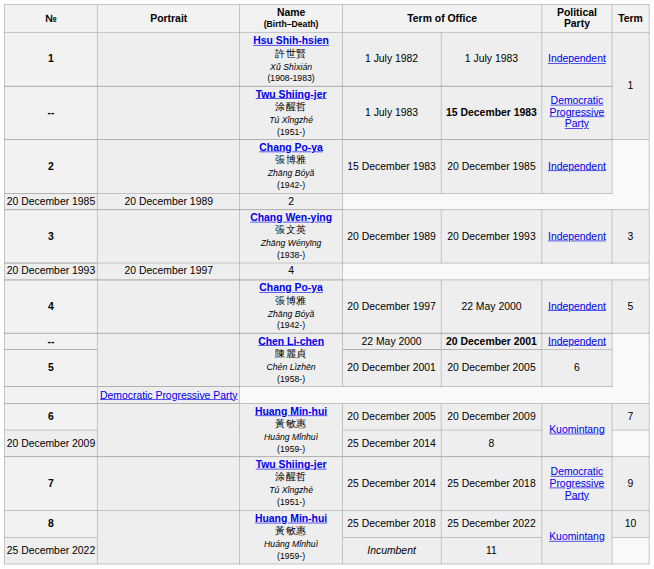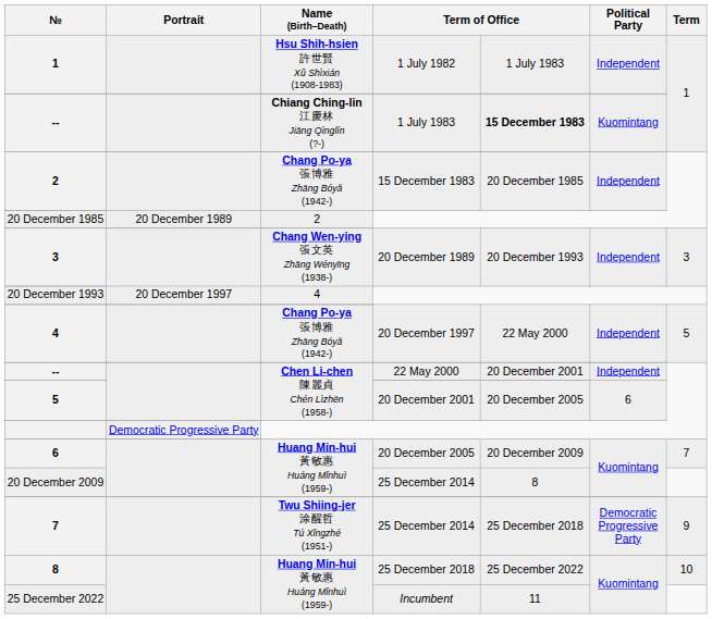 <table class="wikitable" style="text-align:center">
 <tr ->
 <th>№</th>
 <th>Portrait</th>
 <th width="150">Name<br><small>(Birth–Death)</small></th>
 <th colspan=2 width="300">Term of Office</th>
 <th width="100">Political Party</th>
 <th width = "50">Term</th>
 </tr>
 <tr - bgcolor=#EEEEEE>
 <th style="background:">1</th>
 <td></td>
 <td><strong><a href='#'>Hsu Shih-hsien</a></strong><br><span>許世賢</span><br><small><em>Xǔ Shìxián </em><br>(1908-1983)</small></td>
 <td>1 July 1982</td>
 <td>1 July 1983 </td>
 <td><a href='#'>Independent</a></td>
 <td rowspan=3>1</td>
 </tr>
 <tr ->
 </tr>
 <tr - bgcolor=#EEEEEE>
 <th style="background:">--</th>
 <td></td>
-<td><strong><a href='#'>Twu Shiing-jer</a></strong><br><span>涂醒哲</span><br><small><em>Tú Xǐngzhé </em><br>(1951-)</small></td>
+<td><strong>Chiang Ching-lin</strong><br><span>江慶林</span><br><small><em>Jiāng Qìnglín </em><br>(?-)</small></td>
 <td>1 July 1983</td>
 <td><strong>15 December 1983</strong></td>
-<td><a href='#'>Democratic Progressive Party</a></td>
+<td><a href='#'>Kuomintang</a></td>
 </tr>
 <tr>
 </tr>
 <tr - bgcolor=#EEEEEE>
 <th style="background:">2</th>
 <td rowspan=2></td>
 <td rowspan=2><strong><a href='#'>Chang Po-ya</a></strong><br><span>張博雅</span><br><small><em>Zhāng Bóyă </em><br>(1942-)</small></td>
 <td>15 December 1983</td>
 <td>20 December 1985</td>
 <td rowspan=2><a href='#'>Independent</a></td>
 </tr>
 <tr>
 </tr>
 <tr - bgcolor=#EEEEEE>
 <td>20 December 1985</td>
 <td>20 December 1989</td>
 <td>2</td>
 </tr>
 <tr>
 </tr>
 <tr - bgcolor=#EEEEEE>
 <th style="background:">3</th>
 <td rowspan=2></td>
 <td rowspan=2><strong><a href='#'>Chang Wen-ying</a></strong><br><span>張文英</span><br><small><em>Zhāng Wényīng </em><br>(1938-)</small></td>
 <td>20 December 1989</td>
 <td>20 December 1993</td>
 <td rowspan=2><a href='#'>Independent</a></td>
 <td>3</td>
 </tr>
 <tr ->
 </tr>
 <tr - bgcolor=#EEEEEE>
 <td>20 December 1993</td>
 <td>20 December 1997</td>
 <td>4</td>
 </tr>
 <tr ->
 </tr>
 <tr - bgcolor=#EEEEEE>
 <th style="background:">4</th>
 <td></td>
 <td><strong><a href='#'>Chang Po-ya</a></strong><br><span>張博雅</span><br><small><em>Zhāng Bóyă </em><br>(1942-)</small></td>
 <td>20 December 1997</td>
 <td>22 May 2000 </td>
 <td><a href='#'>Independent</a></td>
 <td rowspan=2>5</td>
 </tr>
 <tr ->
 </tr>
 <tr - bgcolor=#EEEEEE>
 <th style="background:">--</th>
 <td rowspan=3></td>
 <td rowspan=3><strong><a href='#'>Chen Li-chen</a></strong><br><span>陳麗貞</span><br><small><em>Chén Lìzhēn </em><br>(1958-)</small></td>
 <td>22 May 2000</td>
-<td><strong>20 December 2001</strong></td>
+<td>20 December 2001</td>
 <td rowspan=2><a href='#'>Independent</a></td>
 </tr>
 <tr ->
 </tr>
 <tr - bgcolor=#EEEEEE>
 <th style="background:">5</th>
 <td rowspan=2>20 December 2001</td>
 <td rowspan=2>20 December 2005 </td>
 <td rowspan=2>6</td>
 </tr>
 <tr ->
 </tr>
 <tr - bgcolor=#EEEEEE>
 <th style="background:"></th>
 <td><a href='#'>Democratic Progressive Party</a></td>
 </tr>
 <tr ->
 </tr>
 <tr - bgcolor=#EEEEEE>
 <th style="background:">6</th>
 <td rowspan=2></td>
 <td rowspan=2><strong><a href='#'>Huang Min-hui</a></strong><br><span>黃敏惠</span><br><small><em>Huáng Mǐnhuì </em><br>(1959-)</small></td>
 <td>20 December 2005</td>
 <td>20 December 2009</td>
 <td rowspan=2><a href='#'>Kuomintang</a></td>
 <td>7</td>
 </tr>
 <tr - bgcolor=#EEEEEE>
 <td>20 December 2009</td>
 <td>25 December 2014</td>
 <td>8</td>
 </tr>
 <tr ->
 </tr>
 <tr - bgcolor=#EEEEEE>
 <th style="background:">7</th>
 <td></td>
 <td><strong><a href='#'>Twu Shiing-jer</a></strong><br><span>涂醒哲</span><br><small><em>Tú Xǐngzhé </em><br>(1951-)</small></td>
 <td>25 December 2014</td>
 <td>25 December 2018 </td>
 <td><a href='#'>Democratic Progressive Party</a></td>
 <td>9</td>
 </tr>
 <tr - bgcolor=#EEEEEE>
 <th style="background:">8</th>
 <td rowspan=2></td>
 <td rowspan=2><strong><a href='#'>Huang Min-hui</a></strong><br><span>黃敏惠</span><br><small><em>Huáng Mǐnhuì </em><br>(1959-)</small></td>
 <td>25 December 2018</td>
 <td>25 December 2022</td>
 <td rowspan=2><a href='#'>Kuomintang</a></td>
 <td>10</td>
 </tr>
 <tr - bgcolor=#EEEEEE>
 <td>25 December 2022</td>
 <td><em>Incumbent</em></td>
 <td>11</td>
 </tr>
 </table>
